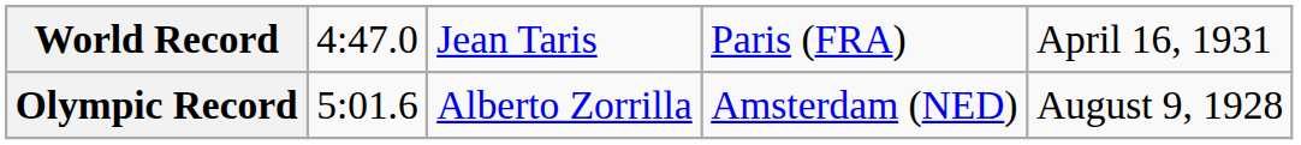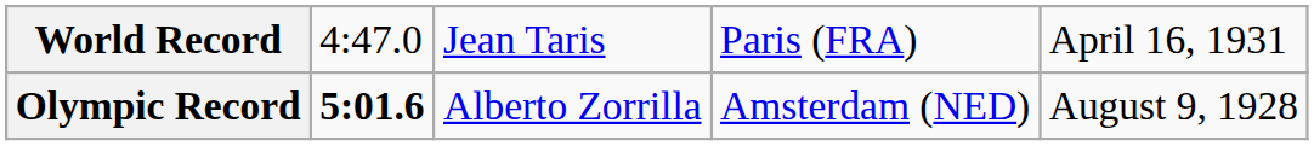 <table class="wikitable" style="font-size:95%;">
 <tr>
 <th>World Record</th>
 <td>4:47.0</td>
 <td> <a href='#'>Jean Taris</a></td>
 <td><a href='#'>Paris</a> (<a href='#'>FRA</a>)</td>
 <td>April 16, 1931</td>
 </tr>
 <tr>
 <th>Olympic Record</th>
-<td>5:01.6</td>
+<td><strong>5:01.6</strong></td>
 <td> <a href='#'>Alberto Zorrilla</a></td>
 <td><a href='#'>Amsterdam</a> (<a href='#'>NED</a>)</td>
 <td>August 9, 1928</td>
 </tr>
 </table>
